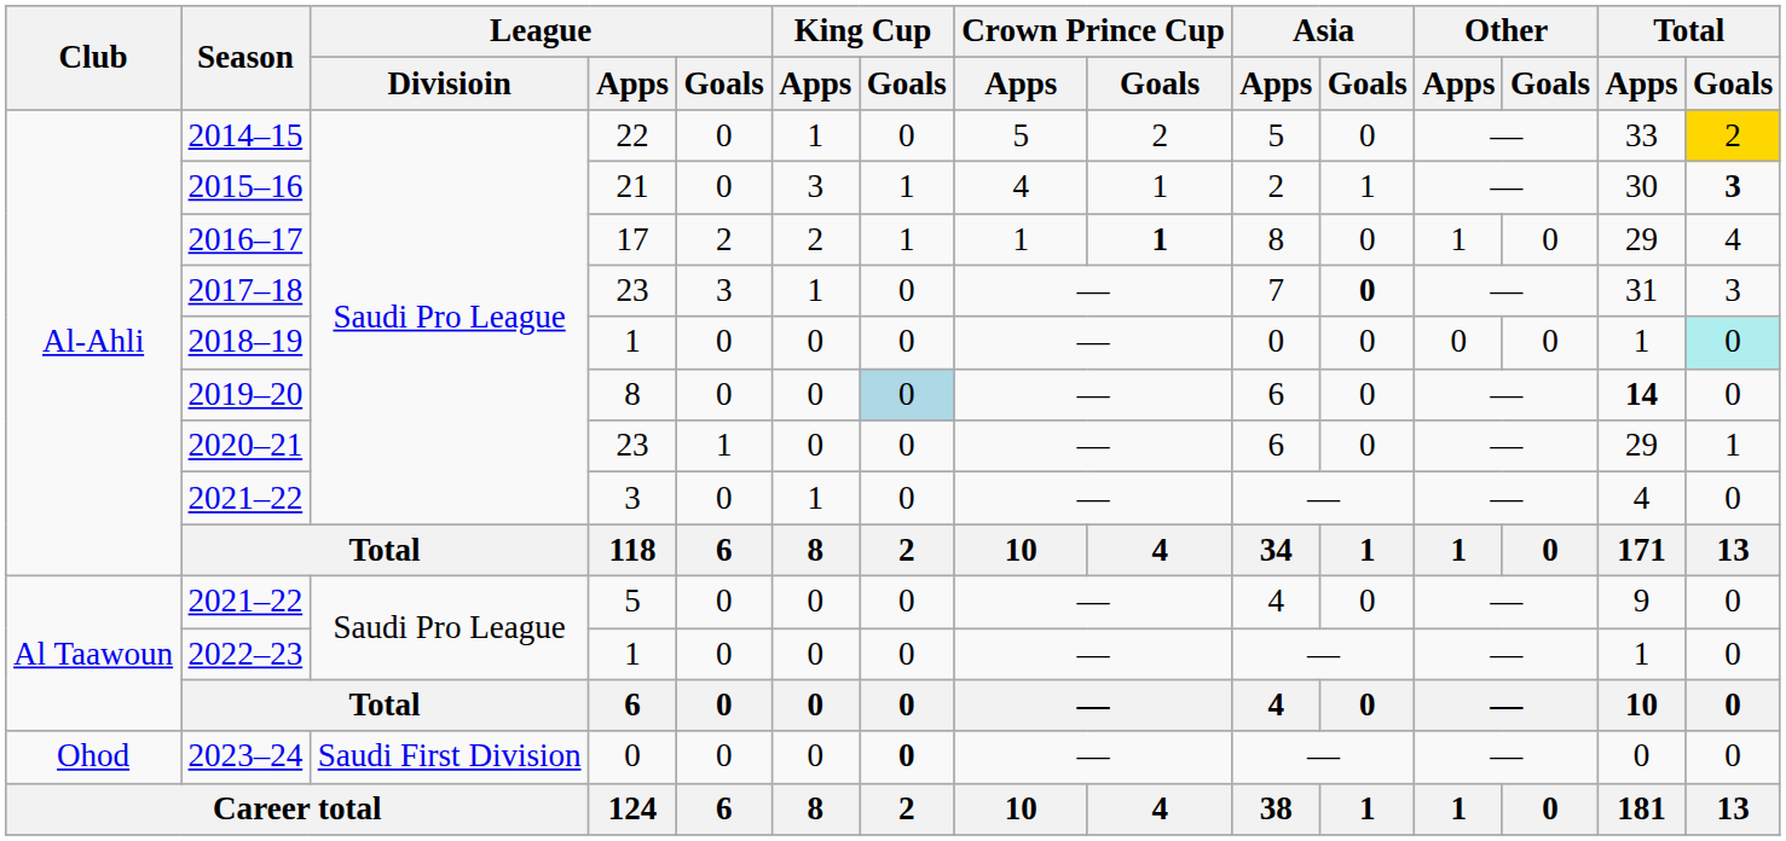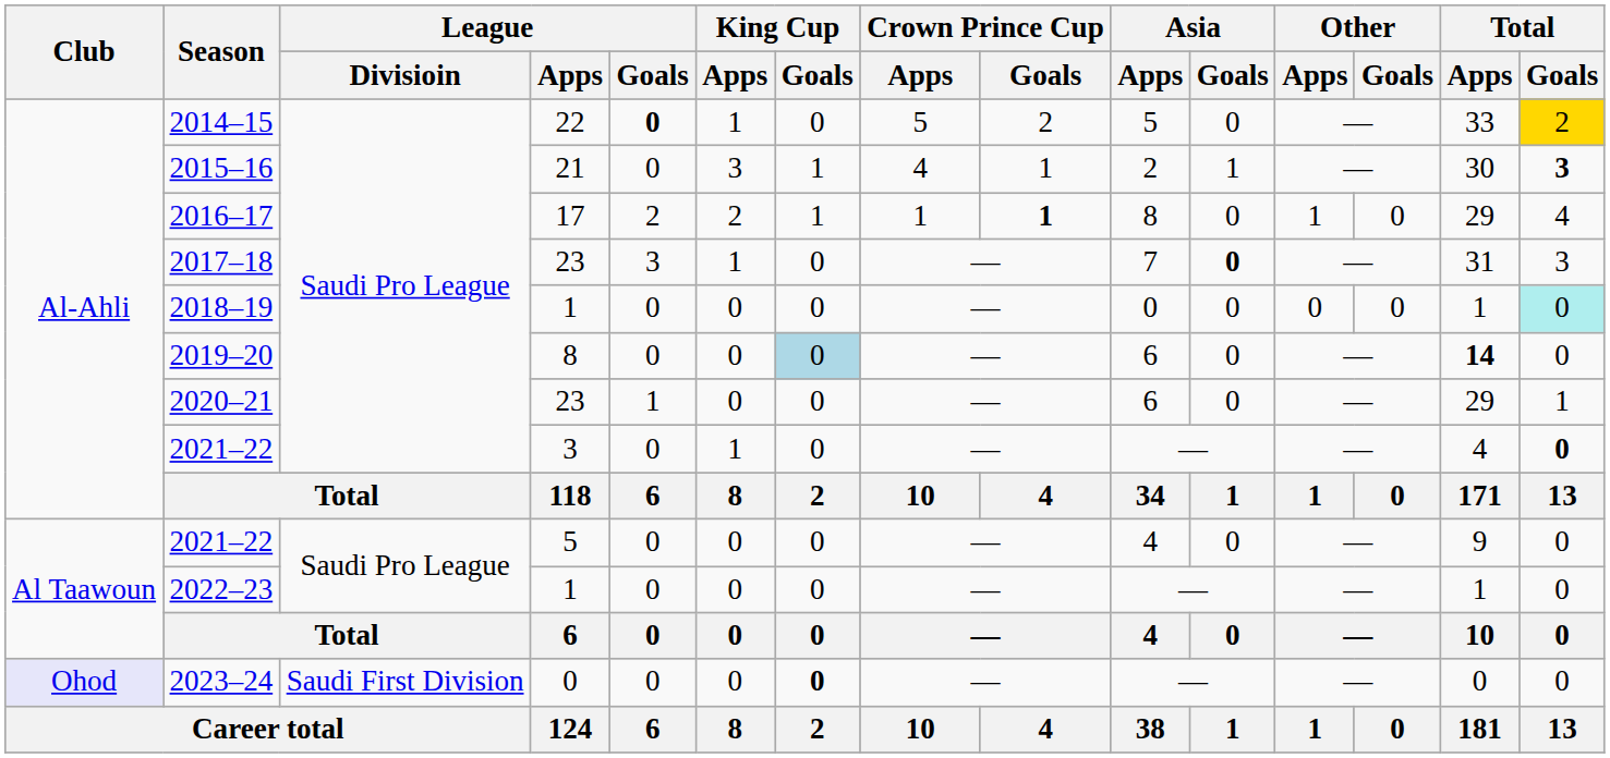 <table class="wikitable" style="text-align: center">
 <tr>
 <th rowspan=2>Club</th>
 <th rowspan=2>Season</th>
 <th colspan=3>League</th>
 <th colspan=2>King Cup</th>
 <th colspan=2>Crown Prince Cup</th>
 <th colspan=2>Asia</th>
 <th colspan=2>Other</th>
 <th colspan=2>Total</th>
 </tr>
 <tr>
 <th>Divisioin</th>
 <th>Apps</th>
 <th>Goals</th>
 <th>Apps</th>
 <th>Goals</th>
 <th>Apps</th>
 <th>Goals</th>
 <th>Apps</th>
 <th>Goals</th>
 <th>Apps</th>
 <th>Goals</th>
 <th>Apps</th>
 <th>Goals</th>
 </tr>
 <tr>
 <td rowspan=9><a href='#'>Al-Ahli</a></td>
 <td><a href='#'>2014–15</a></td>
 <td rowspan=8><a href='#'>Saudi Pro League</a></td>
 <td>22</td>
-<td>0</td>
+<td><strong>0</strong></td>
 <td>1</td>
 <td>0</td>
 <td>5</td>
 <td>2</td>
 <td>5</td>
 <td>0</td>
 <td colspan=2>—</td>
 <td>33</td>
 <td style="background: gold;">2</td>
 </tr>
 <tr>
 <td><a href='#'>2015–16</a></td>
 <td>21</td>
 <td>0</td>
 <td>3</td>
 <td>1</td>
 <td>4</td>
 <td>1</td>
 <td>2</td>
 <td>1</td>
 <td colspan=2>—</td>
 <td>30</td>
 <td><strong>3</strong></td>
 </tr>
 <tr>
 <td><a href='#'>2016–17</a></td>
 <td>17</td>
 <td>2</td>
 <td>2</td>
 <td>1</td>
 <td>1</td>
 <td><strong>1</strong></td>
 <td>8</td>
 <td>0</td>
 <td>1</td>
 <td>0</td>
 <td>29</td>
 <td>4</td>
 </tr>
 <tr>
 <td><a href='#'>2017–18</a></td>
 <td>23</td>
 <td>3</td>
 <td>1</td>
 <td>0</td>
 <td colspan=2>—</td>
 <td>7</td>
 <td><strong>0</strong></td>
 <td colspan=2>—</td>
 <td>31</td>
 <td>3</td>
 </tr>
 <tr>
 <td><a href='#'>2018–19</a></td>
 <td>1</td>
 <td>0</td>
 <td>0</td>
 <td>0</td>
 <td colspan=2>—</td>
 <td>0</td>
 <td>0</td>
 <td>0</td>
 <td>0</td>
 <td>1</td>
 <td style="background: paleturquoise;">0</td>
 </tr>
 <tr>
 <td><a href='#'>2019–20</a></td>
 <td>8</td>
 <td>0</td>
 <td>0</td>
 <td style="background: lightblue;">0</td>
 <td colspan=2>—</td>
 <td>6</td>
 <td>0</td>
 <td colspan=2>—</td>
 <td><strong>14</strong></td>
 <td>0</td>
 </tr>
 <tr>
 <td><a href='#'>2020–21</a></td>
 <td>23</td>
 <td>1</td>
 <td>0</td>
 <td>0</td>
 <td colspan=2>—</td>
 <td>6</td>
 <td>0</td>
 <td colspan=2>—</td>
 <td>29</td>
 <td>1</td>
 </tr>
 <tr>
 <td><a href='#'>2021–22</a></td>
 <td>3</td>
 <td>0</td>
 <td>1</td>
 <td>0</td>
 <td colspan=2>—</td>
 <td colspan=2>—</td>
 <td colspan=2>—</td>
 <td>4</td>
-<td>0</td>
+<td><strong>0</strong></td>
 </tr>
 <tr>
 <th colspan=2>Total</th>
 <th>118</th>
 <th>6</th>
 <th>8</th>
 <th>2</th>
 <th>10</th>
 <th>4</th>
 <th>34</th>
 <th>1</th>
 <th>1</th>
 <th>0</th>
 <th>171</th>
 <th>13</th>
 </tr>
 <tr>
 <td rowspan=3><a href='#'>Al Taawoun</a></td>
 <td><a href='#'>2021–22</a></td>
 <td rowspan=2>Saudi Pro League</td>
 <td>5</td>
 <td>0</td>
 <td>0</td>
 <td>0</td>
 <td colspan=2>—</td>
 <td>4</td>
 <td>0</td>
 <td colspan=2>—</td>
 <td>9</td>
 <td>0</td>
 </tr>
 <tr>
 <td><a href='#'>2022–23</a></td>
 <td>1</td>
 <td>0</td>
 <td>0</td>
 <td>0</td>
 <td colspan=2>—</td>
 <td colspan=2>—</td>
 <td colspan=2>—</td>
 <td>1</td>
 <td>0</td>
 </tr>
 <tr>
 <th colspan=2>Total</th>
 <th>6</th>
 <th>0</th>
 <th>0</th>
 <th>0</th>
 <th colspan=2>—</th>
 <th>4</th>
 <th>0</th>
 <th colspan=2>—</th>
 <th>10</th>
 <th>0</th>
 </tr>
 <tr>
-<td><a href='#'>Ohod</a></td>
+<td style="background: lavender;"><a href='#'>Ohod</a></td>
 <td><a href='#'>2023–24</a></td>
 <td><a href='#'>Saudi First Division</a></td>
 <td>0</td>
 <td>0</td>
 <td>0</td>
 <td><strong>0</strong></td>
 <td colspan=2>—</td>
 <td colspan=2>—</td>
 <td colspan=2>—</td>
 <td>0</td>
 <td>0</td>
 </tr>
 <tr>
 <th colspan=3>Career total</th>
 <th>124</th>
 <th>6</th>
 <th>8</th>
 <th>2</th>
 <th>10</th>
 <th>4</th>
 <th>38</th>
 <th>1</th>
 <th>1</th>
 <th>0</th>
 <th>181</th>
 <th>13</th>
 </tr>
 </table>
